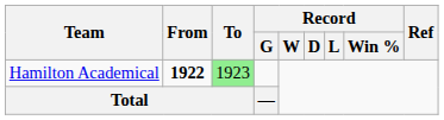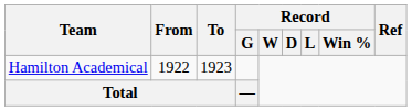 <table class="wikitable" style="text-align: center">
 <tr>
 <th rowspan="2">Team</th>
 <th rowspan="2">From</th>
 <th rowspan="2">To</th>
 <th colspan="5">Record</th>
 <th rowspan="2">Ref</th>
 </tr>
 <tr>
 <th>G</th>
 <th>W</th>
 <th>D</th>
 <th>L</th>
 <th>Win %</th>
 </tr>
 <tr>
 <td align="left"><a href='#'>Hamilton Academical</a></td>
-<td><strong>1922</strong></td>
-<td style="background: lightgreen;">1923<br></td>
+<td>1922</td>
+<td>1923<br></td>
 <td></td>
 </tr>
 <tr>
 <th colspan="3">Total<br></th>
 <th>—</th>
 </tr>
 </table>
